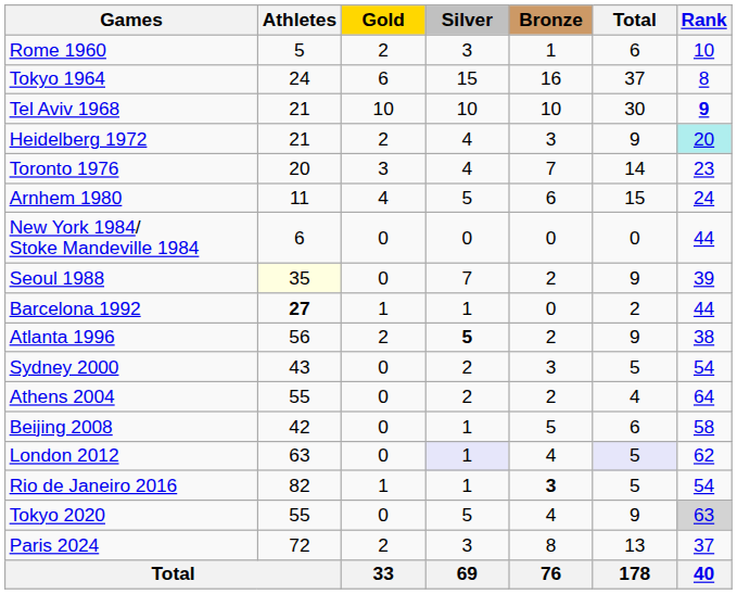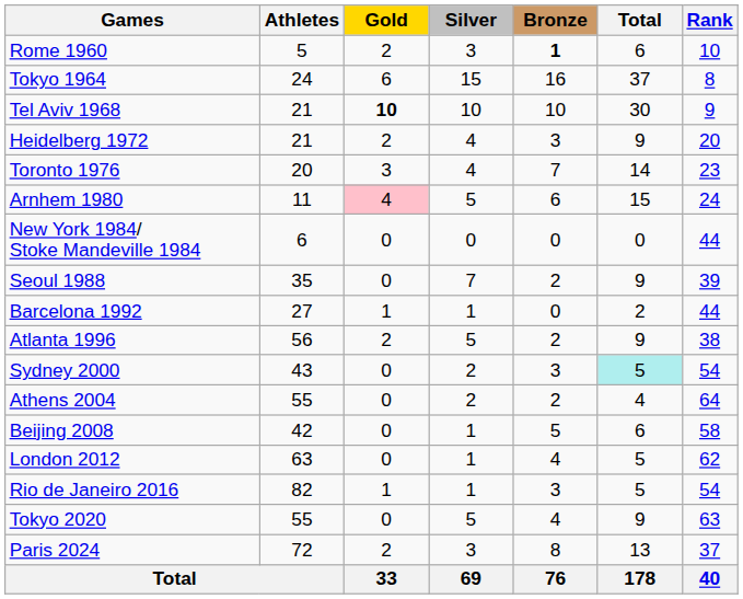 <table class="wikitable" style="text-align:center; font-size:90%;">
 <tr>
 <th style="width:13em;">Games</th>
 <th style="width:4em;">Athletes</th>
 <th style="width:4em; background:gold;">Gold</th>
 <th style="width:4em; background:silver;">Silver</th>
 <th style="width:4em; background:#cc9966;">Bronze</th>
 <th style="width:4em;">Total</th>
 <th style="width:2em;"><a href='#'>Rank</a></th>
 </tr>
 <tr>
 <td align=left> <a href='#'>Rome 1960</a></td>
 <td>5</td>
 <td>2</td>
 <td>3</td>
-<td>1</td>
+<td><strong>1</strong></td>
 <td>6</td>
 <td><a href='#'>10</a></td>
 </tr>
 <tr>
 <td align=left> <a href='#'>Tokyo 1964</a></td>
 <td>24</td>
 <td>6</td>
 <td>15</td>
 <td>16</td>
 <td>37</td>
 <td><a href='#'>8</a></td>
 </tr>
 <tr>
 <td align=left> <a href='#'>Tel Aviv 1968</a></td>
 <td>21</td>
-<td>10</td>
+<td><strong>10</strong></td>
 <td>10</td>
 <td>10</td>
 <td>30</td>
-<td><strong><a href='#'>9</a></strong></td>
+<td><a href='#'>9</a></td>
 </tr>
 <tr>
 <td align=left> <a href='#'>Heidelberg 1972</a></td>
 <td>21</td>
 <td>2</td>
 <td>4</td>
 <td>3</td>
 <td>9</td>
-<td style="background: paleturquoise;"><a href='#'>20</a></td>
+<td><a href='#'>20</a></td>
 </tr>
 <tr>
 <td align=left> <a href='#'>Toronto 1976</a></td>
 <td>20</td>
 <td>3</td>
 <td>4</td>
 <td>7</td>
 <td>14</td>
 <td><a href='#'>23</a></td>
 </tr>
 <tr>
 <td align=left> <a href='#'>Arnhem 1980</a></td>
 <td>11</td>
-<td>4</td>
+<td style="background: pink;">4</td>
 <td>5</td>
 <td>6</td>
 <td>15</td>
 <td><a href='#'>24</a></td>
 </tr>
 <tr>
 <td align=left> <a href='#'>New York 1984</a>/<br>  <a href='#'>Stoke Mandeville 1984</a></td>
 <td>6</td>
 <td>0</td>
 <td>0</td>
 <td>0</td>
 <td>0</td>
 <td><a href='#'>44</a></td>
 </tr>
 <tr>
 <td align=left> <a href='#'>Seoul 1988</a></td>
-<td style="background: lightyellow;">35</td>
+<td>35</td>
 <td>0</td>
 <td>7</td>
 <td>2</td>
 <td>9</td>
 <td><a href='#'>39</a></td>
 </tr>
 <tr>
 <td align=left> <a href='#'>Barcelona 1992</a></td>
-<td><strong>27</strong></td>
+<td>27</td>
 <td>1</td>
 <td>1</td>
 <td>0</td>
 <td>2</td>
 <td><a href='#'>44</a></td>
 </tr>
 <tr>
 <td align=left> <a href='#'>Atlanta 1996</a></td>
 <td>56</td>
 <td>2</td>
-<td><strong>5</strong></td>
+<td>5</td>
 <td>2</td>
 <td>9</td>
 <td><a href='#'>38</a></td>
 </tr>
 <tr>
 <td align=left> <a href='#'>Sydney 2000</a></td>
 <td>43</td>
 <td>0</td>
 <td>2</td>
 <td>3</td>
-<td>5</td>
+<td style="background: paleturquoise;">5</td>
 <td><a href='#'>54</a></td>
 </tr>
 <tr>
 <td align=left> <a href='#'>Athens 2004</a></td>
 <td>55</td>
 <td>0</td>
 <td>2</td>
 <td>2</td>
 <td>4</td>
 <td><a href='#'>64</a></td>
 </tr>
 <tr>
 <td align=left> <a href='#'>Beijing 2008</a></td>
 <td>42</td>
 <td>0</td>
 <td>1</td>
 <td>5</td>
 <td>6</td>
 <td><a href='#'>58</a></td>
 </tr>
 <tr>
 <td align=left> <a href='#'>London 2012</a></td>
 <td>63</td>
 <td>0</td>
-<td style="background: lavender;">1</td>
+<td>1</td>
 <td>4</td>
-<td style="background: lavender;">5</td>
+<td>5</td>
 <td><a href='#'>62</a></td>
 </tr>
 <tr>
 <td align=left> <a href='#'>Rio de Janeiro 2016</a></td>
 <td>82</td>
 <td>1</td>
 <td>1</td>
-<td><strong>3</strong></td>
+<td>3</td>
 <td>5</td>
 <td><a href='#'>54</a></td>
 </tr>
 <tr>
 <td align=left> <a href='#'>Tokyo 2020</a></td>
 <td>55</td>
 <td>0</td>
 <td>5</td>
 <td>4</td>
 <td>9</td>
-<td style="background: lightgrey;"><a href='#'>63</a></td>
+<td><a href='#'>63</a></td>
 </tr>
 <tr>
 <td align=left> <a href='#'>Paris 2024</a></td>
 <td>72</td>
 <td>2</td>
 <td>3</td>
 <td>8</td>
 <td>13</td>
 <td><a href='#'>37</a></td>
 </tr>
 <tr>
 <th colspan=2>Total</th>
 <th>33</th>
 <th>69</th>
 <th>76</th>
 <th>178</th>
 <th><a href='#'>40</a></th>
 </tr>
 </table>
